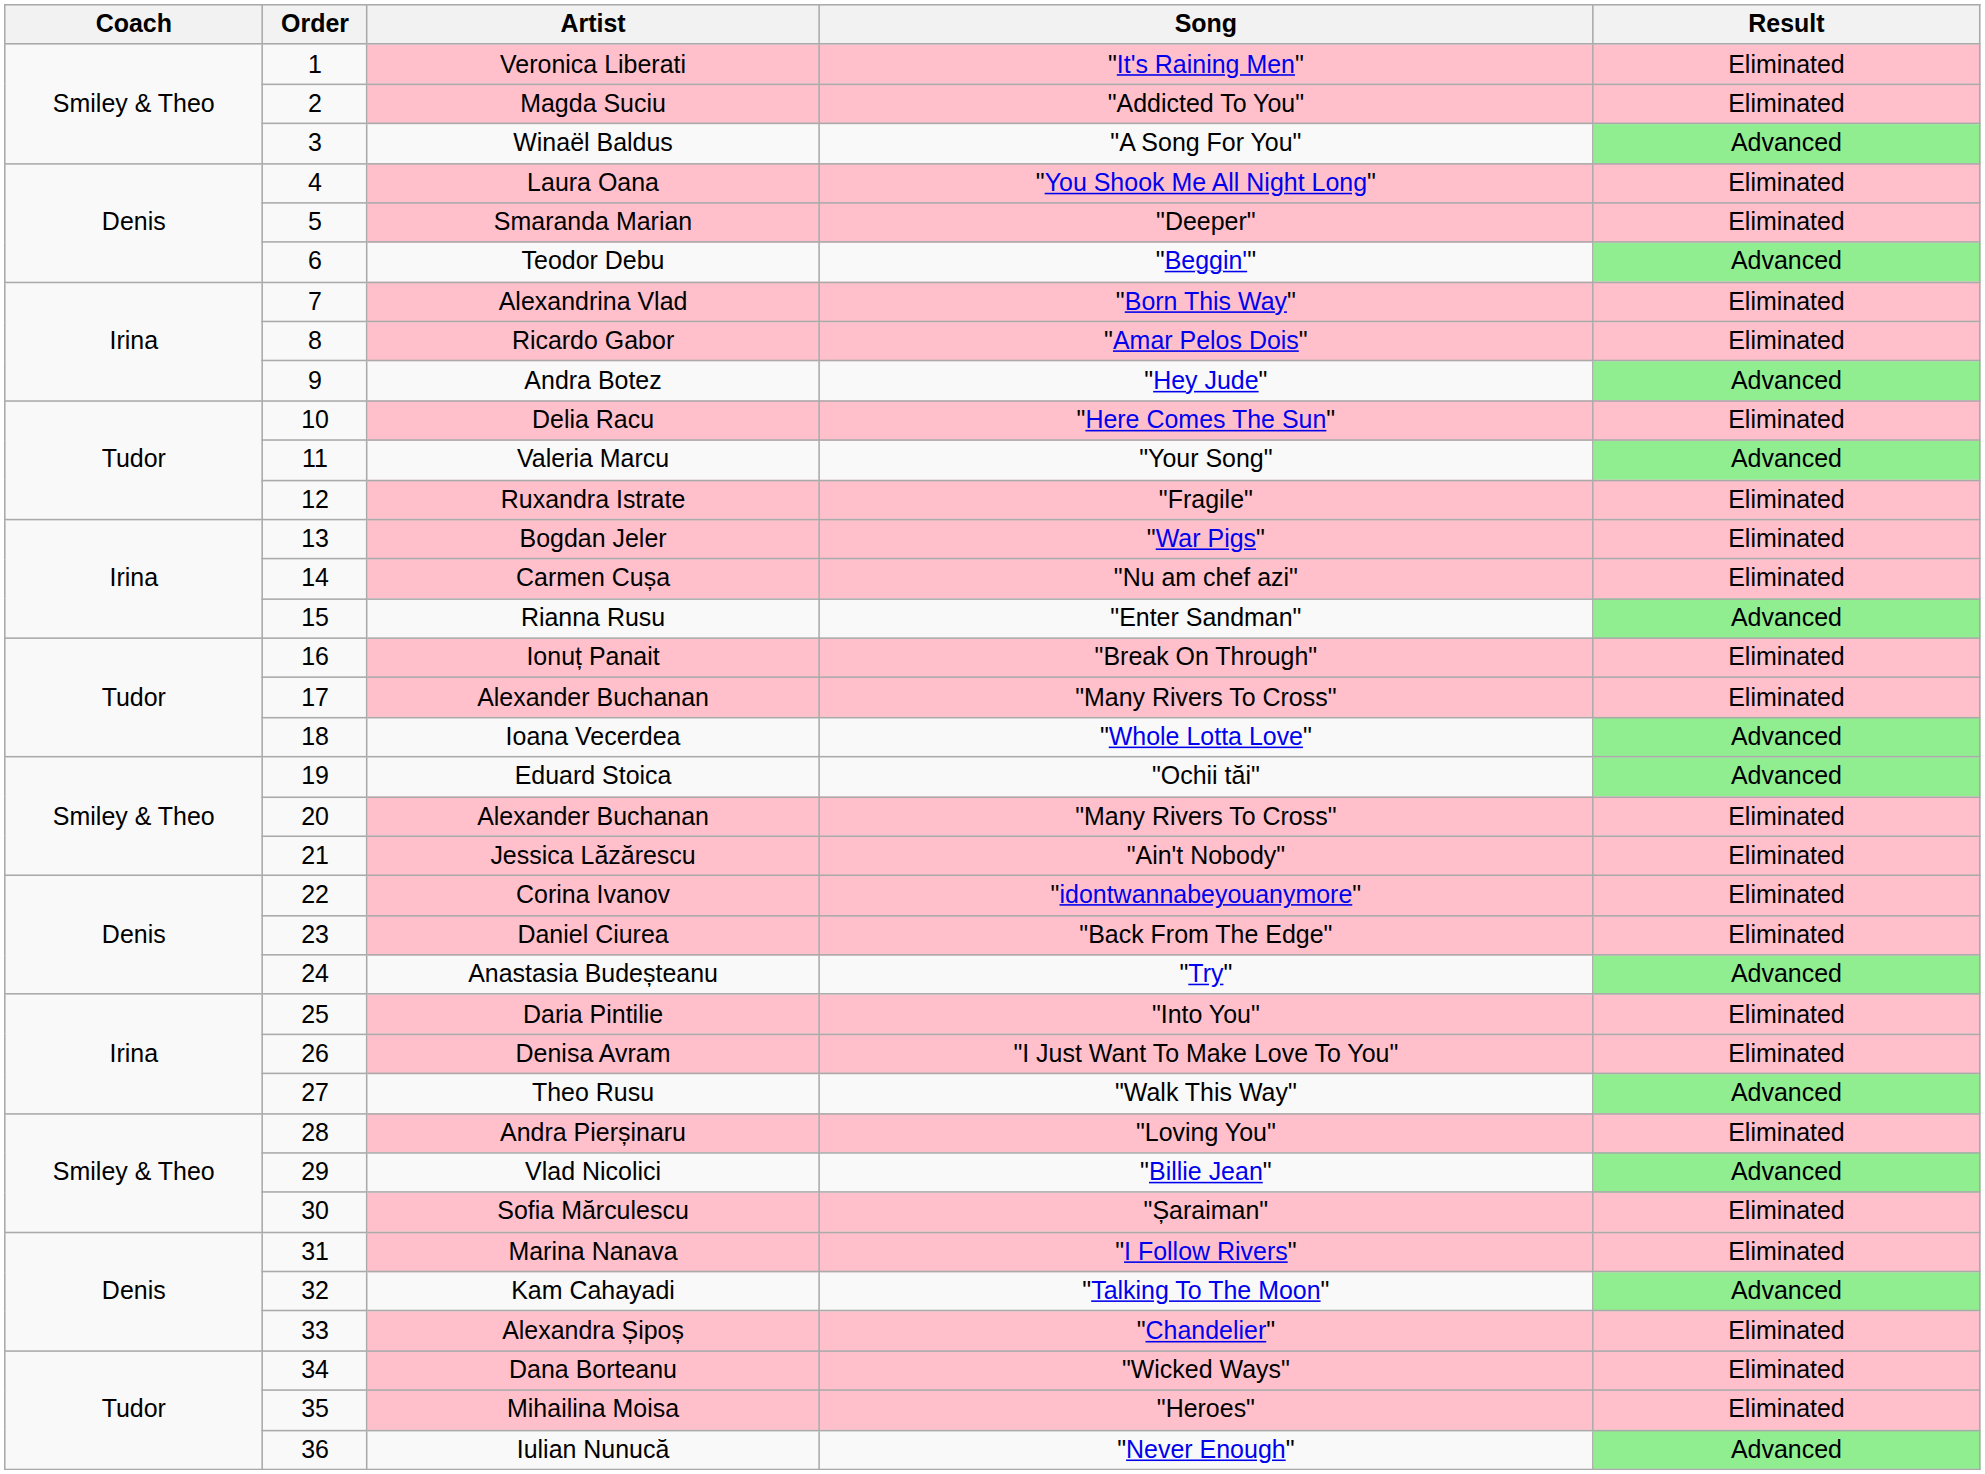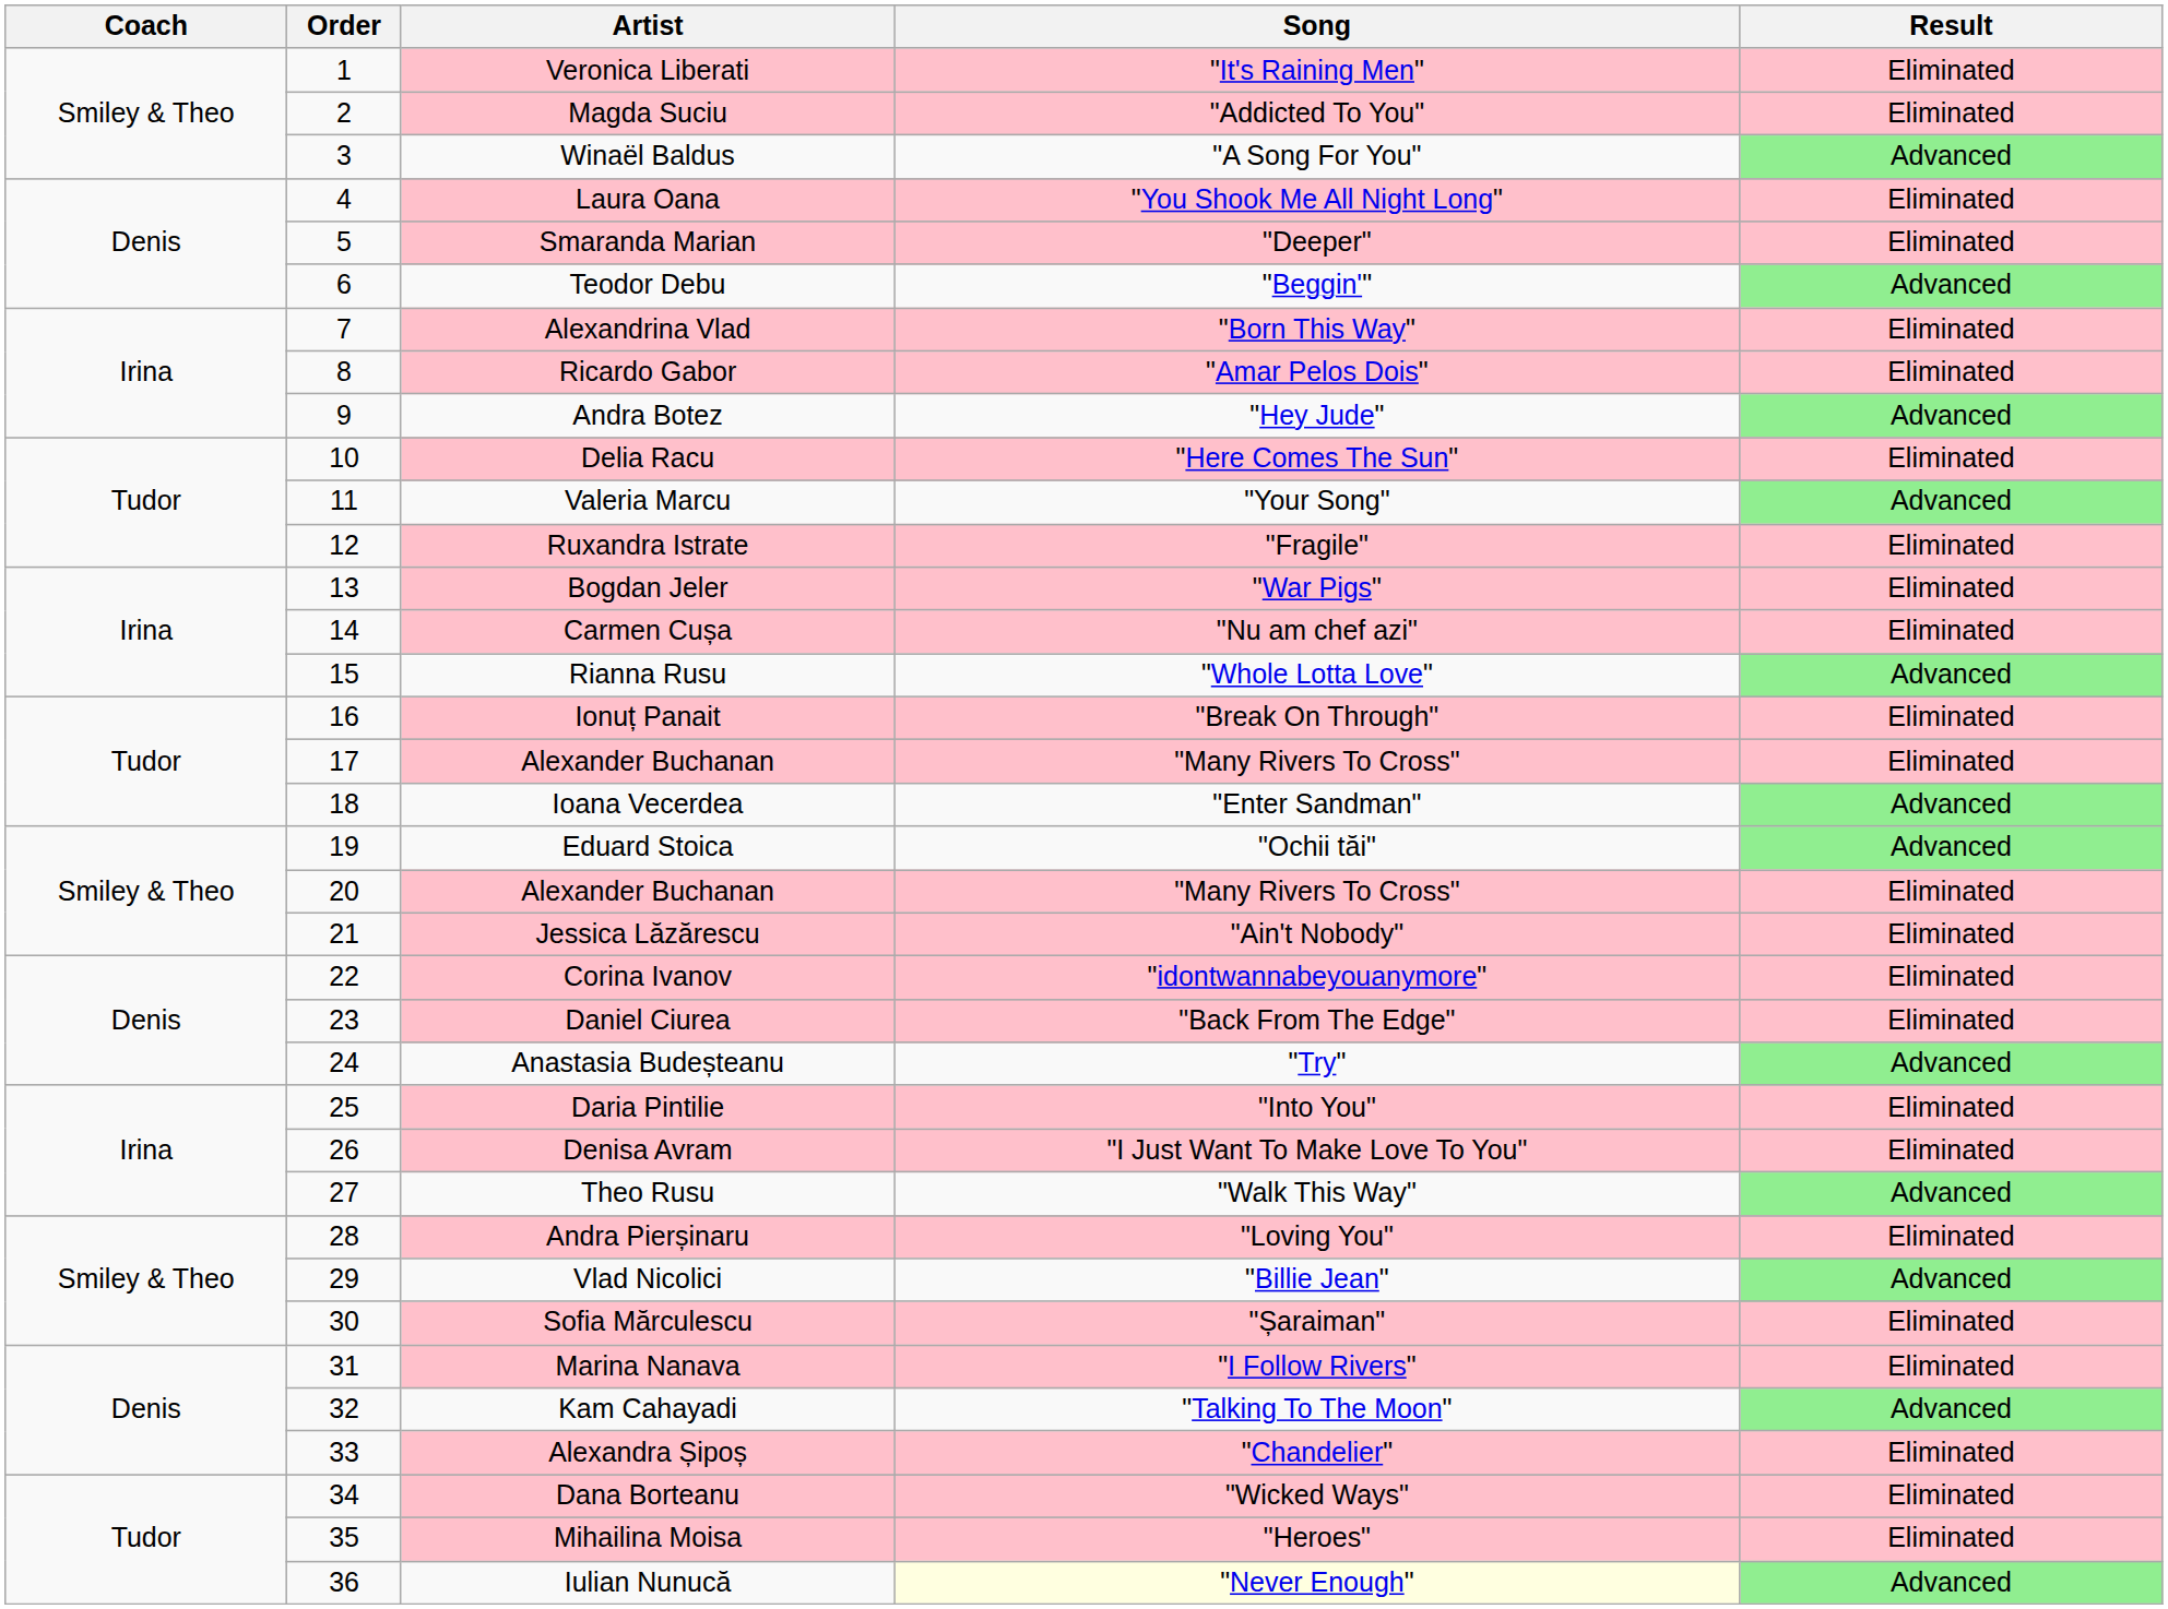 <table class="wikitable" style="text-align: center; width:80%;">
 <tr>
 <th style="width:08%;">Coach</th>
 <th style="width:02%;">Order</th>
 <th style="width:14%;">Artist</th>
 <th style="width:24%;">Song</th>
 <th style="width:12%;">Result</th>
 </tr>
 <tr>
 <td rowspan="3">Smiley & Theo</td>
 <td>1</td>
 <td style="background:pink;">Veronica Liberati</td>
 <td style="background:pink;">"<a href='#'>It's Raining Men</a>"</td>
 <td style="background:pink;">Eliminated</td>
 </tr>
 <tr>
 <td>2</td>
 <td style="background:pink;">Magda Suciu</td>
 <td style="background:pink;">"Addicted To You"</td>
 <td style="background:pink;">Eliminated</td>
 </tr>
 <tr>
 <td>3</td>
 <td>Winaël Baldus</td>
 <td>"A Song For You"</td>
 <td style="background:lightgreen;">Advanced</td>
 </tr>
 <tr>
 <td rowspan="3">Denis</td>
 <td>4</td>
 <td style="background:pink;">Laura Oana</td>
 <td style="background:pink;">"<a href='#'>You Shook Me All Night Long</a>"</td>
 <td style="background:pink;">Eliminated</td>
 </tr>
 <tr>
 <td>5</td>
 <td style="background:pink;">Smaranda Marian</td>
 <td style="background:pink;">"Deeper"</td>
 <td style="background:pink;">Eliminated</td>
 </tr>
 <tr>
 <td>6</td>
 <td>Teodor Debu</td>
 <td>"<a href='#'>Beggin'</a>"</td>
 <td style="background:lightgreen;">Advanced</td>
 </tr>
 <tr>
 <td rowspan="3">Irina</td>
 <td>7</td>
 <td style="background:pink;">Alexandrina Vlad</td>
 <td style="background:pink;">"<a href='#'>Born This Way</a>"</td>
 <td style="background:pink;">Eliminated</td>
 </tr>
 <tr>
 <td>8</td>
 <td style="background:pink;">Ricardo Gabor</td>
 <td style="background:pink;">"<a href='#'>Amar Pelos Dois</a>"</td>
 <td style="background:pink;">Eliminated</td>
 </tr>
 <tr>
 <td>9</td>
 <td>Andra Botez</td>
 <td>"<a href='#'>Hey Jude</a>"</td>
 <td style="background:lightgreen;">Advanced</td>
 </tr>
 <tr>
 <td rowspan="3">Tudor</td>
 <td>10</td>
 <td style="background:pink;">Delia Racu</td>
 <td style="background:pink;">"<a href='#'>Here Comes The Sun</a>"</td>
 <td style="background:pink;">Eliminated</td>
 </tr>
 <tr>
 <td>11</td>
 <td>Valeria Marcu</td>
 <td>"Your Song"</td>
 <td style="background:lightgreen;">Advanced</td>
 </tr>
 <tr>
 <td>12</td>
 <td style="background:pink;">Ruxandra Istrate</td>
 <td style="background:pink;">"Fragile"</td>
 <td style="background:pink;">Eliminated</td>
 </tr>
 <tr>
 <td rowspan="3">Irina</td>
 <td>13</td>
 <td style="background:pink;">Bogdan Jeler</td>
 <td style="background:pink;">"<a href='#'>War Pigs</a>"</td>
 <td style="background:pink;">Eliminated</td>
 </tr>
 <tr>
 <td>14</td>
 <td style="background:pink;">Carmen Cușa</td>
 <td style="background:pink;">"Nu am chef azi"</td>
 <td style="background:pink;">Eliminated</td>
 </tr>
 <tr>
 <td>15</td>
 <td>Rianna Rusu</td>
-<td>"Enter Sandman"</td>
+<td>"<a href='#'>Whole Lotta Love</a>"</td>
 <td style="background:lightgreen;">Advanced</td>
 </tr>
 <tr>
 <td rowspan="3">Tudor</td>
 <td>16</td>
 <td style="background:pink;">Ionuț Panait</td>
 <td style="background:pink;">"Break On Through"</td>
 <td style="background:pink;">Eliminated</td>
 </tr>
 <tr>
 <td>17</td>
 <td style="background:pink;">Alexander Buchanan</td>
 <td style="background:pink;">"Many Rivers To Cross"</td>
 <td style="background:pink;">Eliminated</td>
 </tr>
 <tr>
 <td>18</td>
 <td>Ioana Vecerdea</td>
-<td>"<a href='#'>Whole Lotta Love</a>"</td>
+<td>"Enter Sandman"</td>
 <td style="background:lightgreen;">Advanced</td>
 </tr>
 <tr>
 <td rowspan="3">Smiley & Theo</td>
 <td>19</td>
 <td>Eduard Stoica</td>
 <td>"Ochii tăi"</td>
 <td style="background:lightgreen;">Advanced</td>
 </tr>
 <tr>
 <td>20</td>
 <td style="background:pink;">Alexander Buchanan</td>
 <td style="background:pink;">"Many Rivers To Cross"</td>
 <td style="background:pink;">Eliminated</td>
 </tr>
 <tr>
 <td>21</td>
 <td style="background:pink;">Jessica Lăzărescu</td>
 <td style="background:pink;">"Ain't Nobody"</td>
 <td style="background:pink;">Eliminated</td>
 </tr>
 <tr>
 <td rowspan="3">Denis</td>
 <td>22</td>
 <td style="background:pink;">Corina Ivanov</td>
 <td style="background:pink;">"<a href='#'>idontwannabeyouanymore</a>"</td>
 <td style="background:pink;">Eliminated</td>
 </tr>
 <tr>
 <td>23</td>
 <td style="background:pink;">Daniel Ciurea</td>
 <td style="background:pink;">"Back From The Edge"</td>
 <td style="background:pink;">Eliminated</td>
 </tr>
 <tr>
 <td>24</td>
 <td>Anastasia Budeșteanu</td>
 <td>"<a href='#'>Try</a>"</td>
 <td style="background:lightgreen;">Advanced</td>
 </tr>
 <tr>
 <td rowspan="3">Irina</td>
 <td>25</td>
 <td style="background:pink;">Daria Pintilie</td>
 <td style="background:pink;">"Into You"</td>
 <td style="background:pink;">Eliminated</td>
 </tr>
 <tr>
 <td>26</td>
 <td style="background:pink;">Denisa Avram</td>
 <td style="background:pink;">"I Just Want To Make Love To You"</td>
 <td style="background:pink;">Eliminated</td>
 </tr>
 <tr>
 <td>27</td>
 <td>Theo Rusu</td>
 <td>"Walk This Way"</td>
 <td style="background:lightgreen;">Advanced</td>
 </tr>
 <tr>
 <td rowspan="3">Smiley & Theo</td>
 <td>28</td>
 <td style="background:pink;">Andra Pierșinaru</td>
 <td style="background:pink;">"Loving You"</td>
 <td style="background:pink;">Eliminated</td>
 </tr>
 <tr>
 <td>29</td>
 <td>Vlad Nicolici</td>
 <td>"<a href='#'>Billie Jean</a>"</td>
 <td style="background:lightgreen;">Advanced</td>
 </tr>
 <tr>
 <td>30</td>
 <td style="background:pink;">Sofia Mărculescu</td>
 <td style="background:pink;">"Șaraiman"</td>
 <td style="background:pink;">Eliminated</td>
 </tr>
 <tr>
 <td rowspan="3">Denis</td>
 <td>31</td>
 <td style="background:pink;">Marina Nanava</td>
 <td style="background:pink;">"<a href='#'>I Follow Rivers</a>"</td>
 <td style="background:pink;">Eliminated</td>
 </tr>
 <tr>
 <td>32</td>
 <td>Kam Cahayadi</td>
 <td>"<a href='#'>Talking To The Moon</a>"</td>
 <td style="background:lightgreen;">Advanced</td>
 </tr>
 <tr>
 <td>33</td>
 <td style="background:pink;">Alexandra Șipoș</td>
 <td style="background:pink;">"<a href='#'>Chandelier</a>"</td>
 <td style="background:pink;">Eliminated</td>
 </tr>
 <tr>
 <td rowspan="3">Tudor</td>
 <td>34</td>
 <td style="background:pink;">Dana Borteanu</td>
 <td style="background:pink;">"Wicked Ways"</td>
 <td style="background:pink;">Eliminated</td>
 </tr>
 <tr>
 <td>35</td>
 <td style="background:pink;">Mihailina Moisa</td>
 <td style="background:pink;">"Heroes"</td>
 <td style="background:pink;">Eliminated</td>
 </tr>
 <tr>
 <td>36</td>
 <td>Iulian Nunucă</td>
-<td>"<a href='#'>Never Enough</a>"</td>
+<td style="background: lightyellow;">"<a href='#'>Never Enough</a>"</td>
 <td style="background:lightgreen;">Advanced</td>
 </tr>
 <tr>
 </tr>
 </table>
